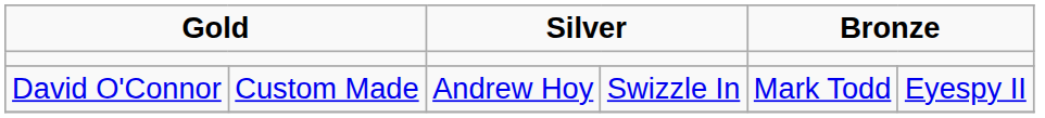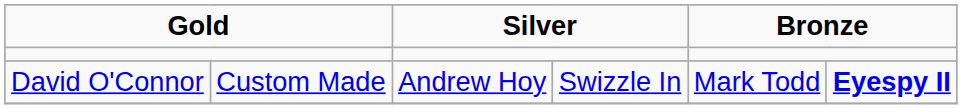 <table class="wikitable">
 <tr align="center">
 <td colspan=2><strong>Gold</strong></td>
 <td colspan=2><strong>Silver</strong></td>
 <td colspan=2><strong>Bronze</strong></td>
 </tr>
 <tr>
 <td colspan=2 align=center></td>
 <td colspan=2 align=center></td>
 <td colspan=2 align=center></td>
 </tr>
 <tr>
 <td><a href='#'>David O'Connor</a></td>
 <td><a href='#'>Custom Made</a></td>
 <td><a href='#'>Andrew Hoy</a></td>
 <td><a href='#'>Swizzle In</a></td>
 <td><a href='#'>Mark Todd</a></td>
-<td><a href='#'>Eyespy II</a></td>
+<td><strong><a href='#'>Eyespy II</a></strong></td>
 </tr>
 <tr>
 </tr>
 </table>
